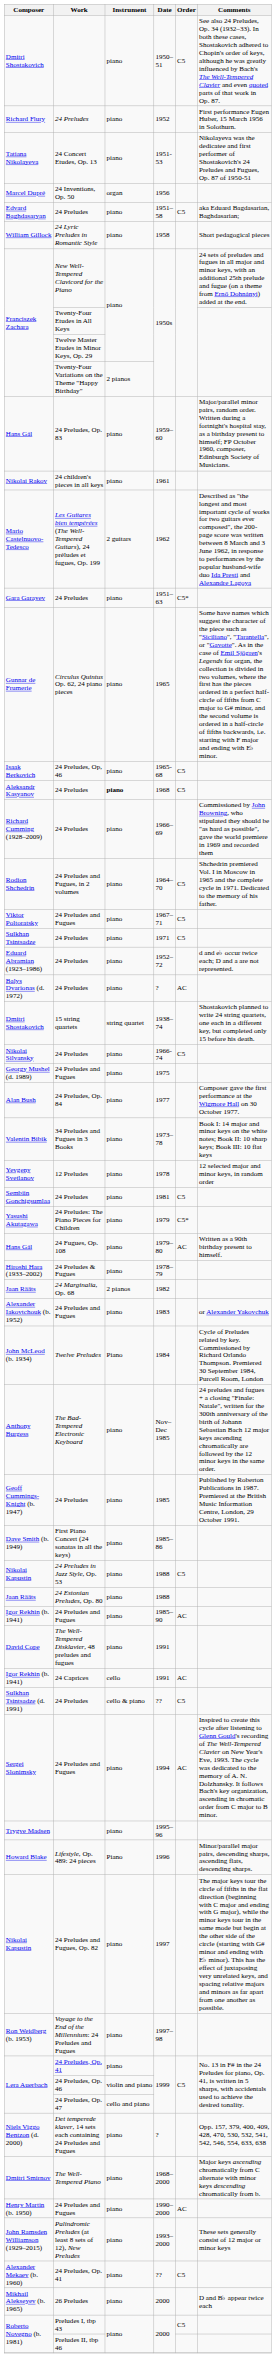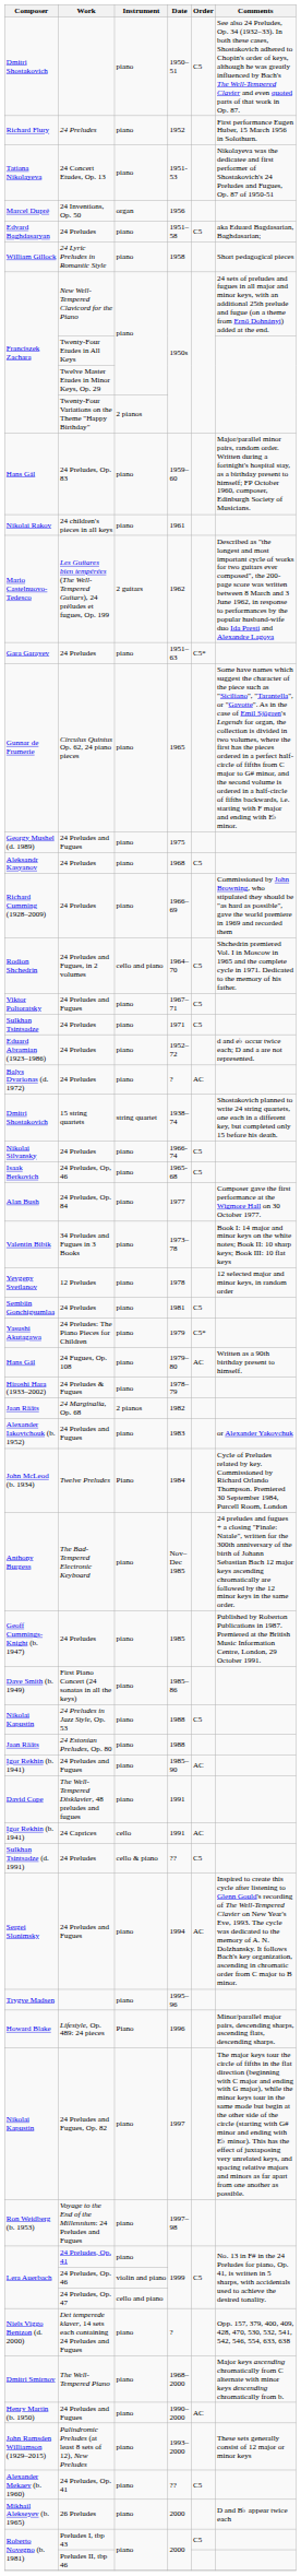 <table class="sortable wikitable">
 <tr>
 <th>Composer</th>
 <th>Work</th>
 <th>Instrument</th>
 <th>Date</th>
 <th>Order</th>
 <th>Comments</th>
 </tr>
 <tr>
 <td><a href='#'>Dmitri Shostakovich</a></td>
 <td></td>
 <td>piano</td>
 <td>1950–51</td>
 <td>C5</td>
 <td>See also 24 Preludes, Op. 34 (1932–33). In both these cases, Shostakovich adhered to Chopin's order of keys, although he was greatly influenced by Bach's <em><a href='#'>The Well-Tempered Clavier</a></em> and even <a href='#'>quoted</a> parts of that work in Op. 87.</td>
 </tr>
 <tr>
 <td><a href='#'>Richard Flury</a></td>
 <td><em>24 Preludes</em></td>
 <td>piano</td>
 <td>1952</td>
 <td></td>
 <td>First performance Eugen Huber, 15 March 1956 in Solothurn.</td>
 </tr>
 <tr>
 <td><a href='#'>Tatiana Nikolayeva</a></td>
 <td>24 Concert Etudes, Op. 13</td>
 <td>piano</td>
 <td>1951-53</td>
 <td></td>
 <td>Nikolayeva was the dedicatee and first performer of Shostakovich's 24 Preludes and Fugues, Op. 87 of 1950-51</td>
 </tr>
 <tr>
 <td><a href='#'>Marcel Dupré</a></td>
 <td>24 Inventions, Op. 50</td>
 <td>organ</td>
 <td>1956</td>
 <td></td>
 <td></td>
 </tr>
 <tr>
 <td><a href='#'>Edvard Baghdasaryan</a></td>
 <td>24 Preludes</td>
 <td>piano</td>
 <td>1951–58</td>
 <td>C5</td>
 <td>aka Eduard Bagdasarian, Baghdasarian;</td>
 </tr>
 <tr>
 <td><a href='#'>William Gillock</a></td>
 <td><em>24 Lyric Preludes in Romantic Style</em></td>
 <td>piano</td>
 <td>1958</td>
 <td></td>
 <td>Short pedagogical pieces </td>
 </tr>
 <tr>
 <td rowspan=4><a href='#'>Franciszek Zachara</a></td>
 <td><em>New Well-Tempered Clavicord for the Piano</em></td>
 <td rowspan=3>piano</td>
 <td rowspan=4>1950s</td>
 <td rowspan=4></td>
 <td>24 sets of preludes and fugues in all major and minor keys, with an additional 25th prelude and fugue (on a theme from <a href='#'>Ernő Dohnányi</a>) added at the end.</td>
 </tr>
 <tr>
 <td>Twenty-Four Etudes in All Keys</td>
 </tr>
 <tr>
 <td>Twelve Master Etudes in Minor Keys, Op. 29</td>
 </tr>
 <tr>
 <td>Twenty-Four Variations on the Theme "Happy Birthday"</td>
 <td>2 pianos</td>
 </tr>
 <tr>
 <td><a href='#'>Hans Gál</a></td>
 <td>24 Preludes, Op. 83</td>
 <td>piano</td>
 <td>1959–60</td>
 <td></td>
 <td>Major/parallel minor pairs, random order. Written during a fortnight's hospital stay, as a birthday present to himself; FP October 1960, composer, Edinburgh Society of Musicians.</td>
 </tr>
 <tr>
 <td><a href='#'>Nikolai Rakov</a></td>
 <td>24 children's pieces in all keys</td>
 <td>piano</td>
 <td>1961</td>
 <td></td>
 <td></td>
 </tr>
 <tr>
 <td><a href='#'>Mario Castelnuovo-Tedesco</a></td>
 <td><em><a href='#'>Les Guitares bien tempérées</a></em> (<em>The Well-Tempered Guitars</em>), 24 préludes et fugues, Op. 199</td>
 <td>2 guitars</td>
 <td>1962</td>
 <td></td>
 <td>Described as "the longest and most important cycle of works for two guitars ever composed", the 200-page score was written between 8 March and 3 June 1962, in response to performances by the popular husband-wife duo <a href='#'>Ida Presti</a> and <a href='#'>Alexandre Lagoya</a></td>
 </tr>
 <tr>
 <td><a href='#'>Gara Garayev</a></td>
 <td>24 Preludes</td>
 <td>piano</td>
 <td>1951–63</td>
 <td>C5* </td>
 <td></td>
 </tr>
 <tr>
 <td><a href='#'>Gunnar de Frumerie</a></td>
 <td><em>Circulus Quintus</em> Op. 62, 24 piano pieces</td>
 <td>piano</td>
 <td>1965</td>
 <td></td>
 <td>Some have names which suggest the character of the piece such as "<a href='#'>Siciliano</a>", "<a href='#'>Tarantella</a>", or "<a href='#'>Gavotte</a>". As in the case of <a href='#'>Emil Sjögren</a>'s <em>Legends</em> for organ, the collection is divided in two volumes, where the first has the pieces ordered in a perfect half-circle of fifths from C major to G# minor, and the second volume is ordered in a half-circle of fifths backwards, i.e. starting with F major and ending with E♭ minor.</td>
 </tr>
 <tr>
-<td><a href='#'>Isaak Berkovich</a></td>
-<td>24 Preludes, Op, 46</td>
+<td><a href='#'>Georgy Mushel</a> (d. 1989)</td>
+<td>24 Preludes and Fugues</td>
 <td>piano</td>
-<td>1965-68</td>
-<td>C5</td>
+<td>1975</td>
+<td></td>
 <td></td>
 </tr>
 <tr>
 <td><a href='#'>Aleksandr Kasyanov</a></td>
 <td>24 Preludes</td>
-<td><strong>piano</strong></td>
+<td>piano</td>
 <td>1968</td>
 <td>C5</td>
 <td></td>
 </tr>
 <tr>
 <td><a href='#'>Richard Cumming</a> (1928–2009)</td>
 <td>24 Preludes</td>
 <td>piano</td>
 <td>1966–69</td>
 <td></td>
 <td>Commissioned by <a href='#'>John Browning</a>, who stipulated they should be "as hard as possible", gave the world premiere in 1969 and recorded them</td>
 </tr>
 <tr>
 <td><a href='#'>Rodion Shchedrin</a></td>
 <td>24 Preludes and Fugues, in 2 volumes</td>
-<td>piano</td>
+<td>cello and piano</td>
 <td>1964–70</td>
 <td>C5</td>
 <td>Shchedrin premiered Vol. I in Moscow in 1965 and the complete cycle in 1971. Dedicated to the memory of his father.</td>
 </tr>
 <tr>
 <td><a href='#'>Viktor Poltoratsky</a></td>
 <td>24 Preludes and Fugues</td>
 <td>piano</td>
 <td>1967–71</td>
 <td>C5</td>
 <td></td>
 </tr>
 <tr>
 <td><a href='#'>Sulkhan Tsintsadze</a></td>
 <td>24 Preludes</td>
 <td>piano</td>
 <td>1971</td>
 <td>C5</td>
 <td></td>
 </tr>
 <tr>
 <td><a href='#'>Eduard Abramian</a> (1923–1986)</td>
 <td>24 Preludes</td>
 <td>piano</td>
 <td>1952–72</td>
 <td></td>
 <td>d and e♭ occur twice each; D and a are not represented.</td>
 </tr>
 <tr>
 <td><a href='#'>Balys Dvarionas</a> (d. 1972)</td>
 <td>24 Preludes</td>
 <td>piano</td>
 <td>?</td>
 <td>AC</td>
 <td></td>
 </tr>
 <tr>
 <td><a href='#'>Dmitri Shostakovich</a></td>
 <td>15 string quartets</td>
 <td>string quartet</td>
 <td>1938–74</td>
 <td></td>
 <td>Shostakovich planned to write 24 string quartets, one each in a different key, but completed only 15 before his death.</td>
 </tr>
 <tr>
 <td><a href='#'>Nikolai Silvansky</a></td>
 <td>24 Preludes</td>
 <td>piano</td>
 <td>1966-74</td>
 <td>C5</td>
 <td></td>
 </tr>
 <tr>
-<td><a href='#'>Georgy Mushel</a> (d. 1989)</td>
-<td>24 Preludes and Fugues</td>
+<td><a href='#'>Isaak Berkovich</a></td>
+<td>24 Preludes, Op, 46</td>
 <td>piano</td>
-<td>1975</td>
-<td></td>
+<td>1965-68</td>
+<td>C5</td>
 <td></td>
 </tr>
 <tr>
 <td><a href='#'>Alan Bush</a></td>
 <td>24 Preludes, Op. 84</td>
 <td>piano</td>
 <td>1977</td>
 <td></td>
 <td>Composer gave the first performance at the <a href='#'>Wigmore Hall</a> on 30 October 1977.</td>
 </tr>
 <tr>
 <td><a href='#'>Valentin Bibik</a></td>
 <td>34 Preludes and Fugues in 3 Books</td>
 <td>piano</td>
 <td>1973–78</td>
 <td></td>
 <td>Book I: 14 major and minor keys on the white notes; Book II: 10 sharp keys; Book III: 10 flat keys</td>
 </tr>
 <tr>
 <td><a href='#'>Yevgeny Svetlanov</a></td>
 <td>12 Preludes</td>
 <td>piano</td>
 <td>1978</td>
 <td></td>
 <td>12 selected major and minor keys, in random order </td>
 </tr>
 <tr>
 <td><a href='#'>Sembiin Gonchigsumlaa</a></td>
 <td>24 Preludes</td>
 <td>piano</td>
 <td>1981</td>
 <td>C5</td>
 <td></td>
 </tr>
 <tr>
 <td><a href='#'>Yasushi Akutagawa</a></td>
 <td>24 Preludes: The Piano Pieces for Children</td>
 <td>piano</td>
 <td>1979</td>
 <td>C5* </td>
 <td></td>
 </tr>
 <tr>
 <td><a href='#'>Hans Gál</a></td>
 <td>24 Fugues, Op. 108</td>
 <td>piano</td>
 <td>1979–80</td>
 <td>AC</td>
 <td>Written as a 90th birthday present to himself.</td>
 </tr>
 <tr>
 <td><a href='#'>Hiroshi Hara</a> (1933–2002)</td>
 <td>24 Preludes & Fugues</td>
 <td>piano</td>
 <td>1978–79</td>
 <td></td>
 <td></td>
 </tr>
 <tr>
 <td><a href='#'>Jaan Rääts</a></td>
 <td><em>24 Marginalia</em>, Op. 68</td>
 <td>2 pianos</td>
 <td>1982</td>
 <td></td>
 <td></td>
 </tr>
 <tr>
 <td><a href='#'>Alexander Iakovtchouk</a> (b. 1952)</td>
 <td>24 Preludes and Fugues</td>
 <td>piano</td>
 <td>1983</td>
 <td></td>
 <td> or <a href='#'>Alexander Yakovchuk</a></td>
 </tr>
 <tr>
 <td><a href='#'>John McLeod</a> (b. 1934)</td>
 <td><em>Twelve Preludes</em></td>
 <td>Piano</td>
 <td>1984</td>
 <td></td>
 <td>Cycle of Preludes related by key. Commissioned by Richard Orlando Thompson. Premiered 30 September 1984, Purcell Room, London</td>
 </tr>
 <tr>
 <td><a href='#'>Anthony Burgess</a></td>
 <td><em>The Bad-Tempered Electronic Keyboard</em></td>
 <td>piano</td>
 <td data-sort-value="1985">Nov–Dec 1985</td>
 <td></td>
 <td>24 preludes and fugues + a closing "Finale: Natale", written for the 300th anniversary of the birth of Johann Sebastian Bach 12 major keys ascending chromatically are followed by the 12 minor keys in the same order.</td>
 </tr>
 <tr>
 <td><a href='#'>Geoff Cummings-Knight</a> (b. 1947)</td>
 <td>24 Preludes</td>
 <td>piano</td>
 <td>1985</td>
 <td></td>
 <td>Published by Roberton Publications in 1987. Premiered at the British Music Information Centre, London, 29 October 1991.</td>
 </tr>
 <tr>
 <td><a href='#'>Dave Smith</a> (b. 1949)</td>
 <td>First Piano Concert (24 sonatas in all the keys)</td>
 <td>piano</td>
 <td>1985–86</td>
 <td></td>
 <td></td>
 </tr>
 <tr>
 <td><a href='#'>Nikolai Kapustin</a></td>
 <td><em>24 Preludes in Jazz Style</em>, Op. 53</td>
 <td>piano</td>
 <td>1988</td>
 <td>C5</td>
 <td></td>
 </tr>
 <tr>
 <td><a href='#'>Jaan Rääts</a></td>
 <td><em>24 Estonian Preludes</em>, Op. 80</td>
 <td>piano</td>
 <td>1988</td>
 <td></td>
 <td></td>
 </tr>
 <tr>
 <td><a href='#'>Igor Rekhin</a> (b. 1941)</td>
 <td>24 Preludes and Fugues</td>
 <td>piano</td>
 <td>1985–90</td>
 <td>AC</td>
 <td></td>
 </tr>
 <tr>
 <td><a href='#'>David Cope</a></td>
 <td><em>The Well-Tempered Disklavier</em>, 48 preludes and fugues</td>
 <td>piano</td>
 <td>1991</td>
 <td></td>
 <td></td>
 </tr>
 <tr>
 <td><a href='#'>Igor Rekhin</a> (b. 1941)</td>
 <td>24 Caprices</td>
 <td>cello</td>
 <td>1991</td>
 <td>AC</td>
 <td></td>
 </tr>
 <tr>
 <td><a href='#'>Sulkhan Tsintsadze</a> (d. 1991)</td>
 <td>24 Preludes</td>
 <td>cello & piano</td>
 <td>??</td>
 <td>C5</td>
 <td></td>
 </tr>
 <tr>
 <td><a href='#'>Sergei Slonimsky</a></td>
 <td>24 Preludes and Fugues</td>
 <td>piano</td>
 <td>1994</td>
 <td>AC</td>
 <td>Inspired to create this cycle after listening to <a href='#'>Glenn Gould</a>'s recording of <em>The Well-Tempered Clavier</em> on New Year's Eve, 1993. The cycle was dedicated to the memory of A. N. Dolzhansky. It follows Bach's key organization, ascending in chromatic order from C major to B minor.</td>
 </tr>
 <tr>
 <td><a href='#'>Trygve Madsen</a></td>
 <td></td>
 <td>piano</td>
 <td>1995–96</td>
 <td></td>
 <td></td>
 </tr>
 <tr>
 <td><a href='#'>Howard Blake</a></td>
 <td><em>Lifestyle</em>, Op. 489: 24 pieces</td>
 <td>Piano</td>
 <td>1996</td>
 <td></td>
 <td>Minor/parallel major pairs, descending sharps, ascending flats, descending sharps.</td>
 </tr>
 <tr>
 <td><a href='#'>Nikolai Kapustin</a></td>
 <td>24 Preludes and Fugues, Op. 82</td>
 <td>piano</td>
 <td>1997</td>
 <td></td>
 <td>The major keys tour the circle of fifths in the flat direction (beginning with C major and ending with G major), while the minor keys tour in the same mode but begin at the other side of the circle (starting with G# minor and ending with E♭ minor). This has the effect of juxtaposing very unrelated keys, and spacing relative majors and minors as far apart from one another as possible.</td>
 </tr>
 <tr>
 <td><a href='#'>Ron Weidberg</a> (b. 1953)</td>
 <td><em>Voyage to the End of the Millennium</em>: 24 Preludes and Fugues</td>
 <td>piano</td>
 <td>1997–98</td>
 <td></td>
 <td></td>
 </tr>
 <tr>
 <td rowspan="3"><a href='#'>Lera Auerbach</a></td>
 <td><a href='#'>24 Preludes, Op. 41</a></td>
 <td>piano</td>
 <td rowspan="3">1999</td>
 <td rowspan="3">C5</td>
 <td rowspan="3"> No. 13 in F# in the 24 Preludes for piano, Op. 41, is written in 5 sharps, with accidentals used to achieve the desired tonality.</td>
 </tr>
 <tr>
 <td>24 Preludes, Op. 46</td>
 <td>violin and piano</td>
 </tr>
 <tr>
 <td>24 Preludes, Op. 47</td>
 <td>cello and piano</td>
 </tr>
 <tr>
 <td><a href='#'>Niels Viggo Bentzon</a> (d. 2000)</td>
 <td><em>Det temperede klaver</em>, 14 sets each containing 24 Preludes and Fugues</td>
 <td>piano</td>
 <td>?</td>
 <td></td>
 <td>Opp. 157, 379, 400, 409, 428, 470, 530, 532, 541, 542, 546, 554, 633, 638</td>
 </tr>
 <tr>
 <td><a href='#'>Dmitri Smirnov</a></td>
 <td><em>The Well-Tempered Piano</em></td>
 <td>piano</td>
 <td>1968–2000</td>
 <td></td>
 <td>Major keys <em>ascending</em> chromatically from C alternate with minor keys <em>descending</em> chromatically from b.</td>
 </tr>
 <tr>
 <td><a href='#'>Henry Martin</a> (b. 1950)</td>
 <td>24 Preludes and Fugues</td>
 <td>piano</td>
 <td>1990–2000</td>
 <td>AC</td>
 <td></td>
 </tr>
 <tr>
 <td><a href='#'>John Ramsden Williamson</a> (1929–2015)</td>
 <td><em>Palindromic Preludes</em> (at least 8 sets of 12), <em>New Preludes</em></td>
 <td>piano</td>
 <td>1993–2000</td>
 <td></td>
 <td>These sets generally consist of 12 major or minor keys</td>
 </tr>
 <tr>
 <td><a href='#'>Alexander Mekaev</a> (b. 1960)</td>
 <td>24 Preludes, Op. 41</td>
 <td>piano</td>
 <td>??</td>
 <td>C5</td>
 <td></td>
 </tr>
 <tr>
 <td><a href='#'>Mikhail Alekseyev</a> (b. 1965)</td>
 <td>26 Preludes</td>
 <td>piano</td>
 <td>2000</td>
 <td></td>
 <td>D and B♭ appear twice each </td>
 </tr>
 <tr>
 <td rowspan="2"><a href='#'>Roberto Novegno</a> (b. 1981)</td>
 <td>Preludes I, tbp 43</td>
 <td rowspan="2">piano</td>
 <td rowspan="2">2000</td>
 <td>C5</td>
 <td></td>
 </tr>
 <tr>
 <td>Preludes II, tbp 46</td>
 <td></td>
 <td></td>
 </tr>
 <tr>
 </tr>
 </table>
